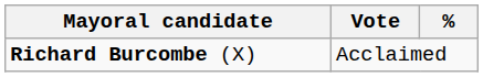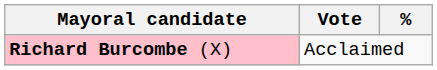 <table class="wikitable">
 <tr>
 <th bgcolor="#DDDDFF" width="200px">Mayoral candidate</th>
 <th bgcolor="#DDDDFF" width="50px">Vote</th>
 <th bgcolor="#DDDDFF" width="30px">%</th>
 </tr>
 <tr>
-<td><strong>Richard Burcombe</strong> (X)</td>
+<td style="background: pink;"><strong>Richard Burcombe</strong> (X)</td>
 <td colspan="2">Acclaimed</td>
 </tr>
 </table>
